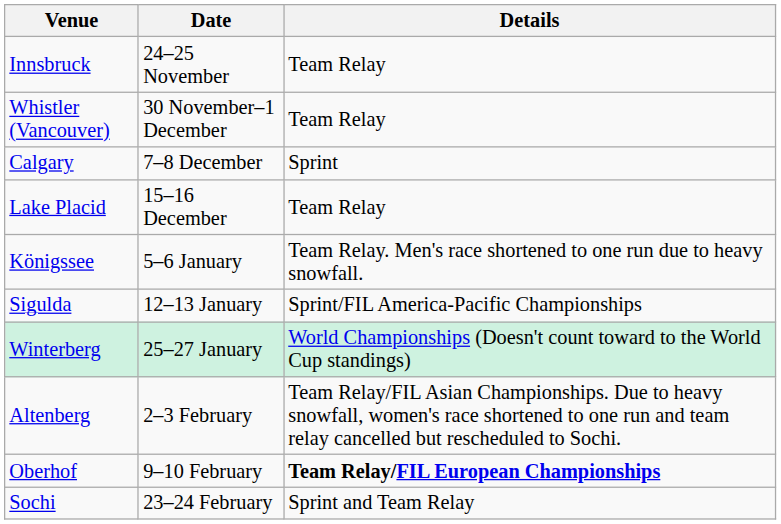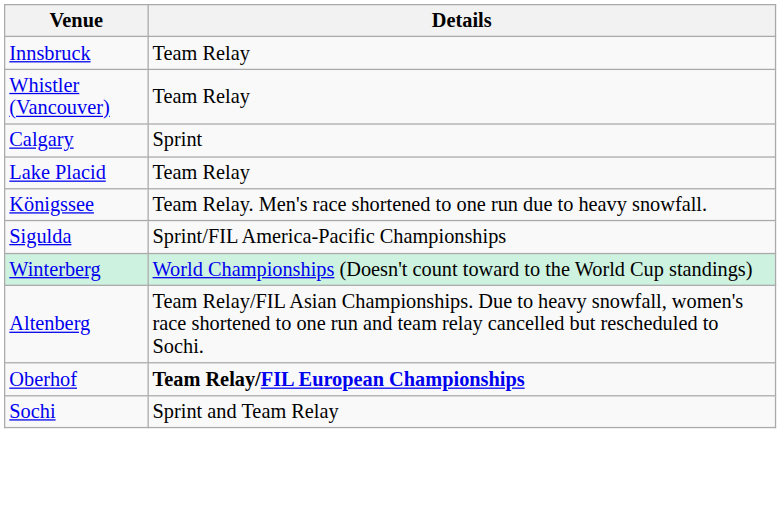 <table class= wikitable>
 <tr>
 <th>Venue</th>
-<th>Date</th>
 <th>Details</th>
 </tr>
 <tr>
 <td> <a href='#'>Innsbruck</a></td>
-<td>24–25 November</td>
 <td>Team Relay</td>
 </tr>
 <tr>
 <td> <a href='#'>Whistler (Vancouver)</a></td>
-<td>30 November–1 December</td>
 <td>Team Relay</td>
 </tr>
 <tr>
 <td> <a href='#'>Calgary</a></td>
-<td>7–8 December</td>
 <td>Sprint</td>
 </tr>
 <tr>
 <td> <a href='#'>Lake Placid</a></td>
-<td>15–16 December</td>
 <td>Team Relay</td>
 </tr>
 <tr>
 <td> <a href='#'>Königssee</a></td>
-<td>5–6 January</td>
 <td>Team Relay. Men's race shortened to one run due to heavy snowfall.</td>
 </tr>
 <tr>
 <td> <a href='#'>Sigulda</a></td>
-<td>12–13 January</td>
 <td>Sprint/FIL America-Pacific Championships</td>
 </tr>
 <tr style="background:#CEF2E0">
 <td> <a href='#'>Winterberg</a></td>
-<td>25–27 January</td>
 <td><a href='#'>World Championships</a> (Doesn't count toward to the World Cup standings)</td>
 </tr>
 <tr>
 <td> <a href='#'>Altenberg</a></td>
-<td>2–3 February</td>
 <td>Team Relay/FIL Asian Championships. Due to heavy snowfall, women's race shortened to one run and team relay cancelled but rescheduled to Sochi.</td>
 </tr>
 <tr>
 <td> <a href='#'>Oberhof</a></td>
-<td>9–10 February</td>
 <td><strong>Team Relay/<a href='#'>FIL European Championships</a></strong></td>
 </tr>
 <tr>
 <td> <a href='#'>Sochi</a></td>
-<td>23–24 February</td>
 <td>Sprint and Team Relay</td>
 </tr>
 </table>
